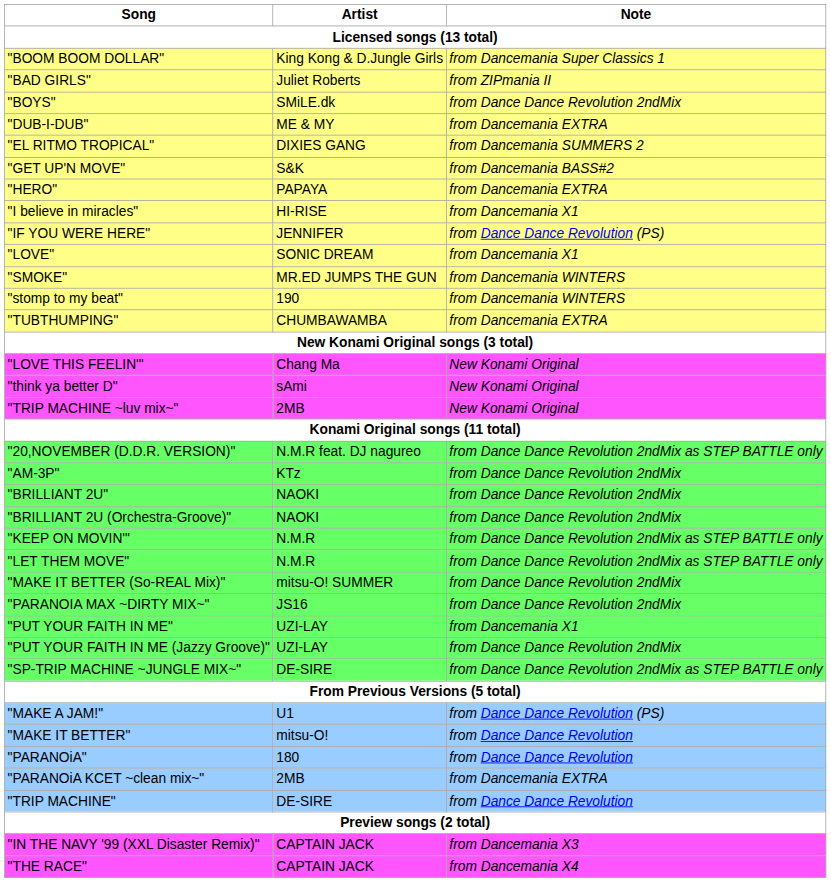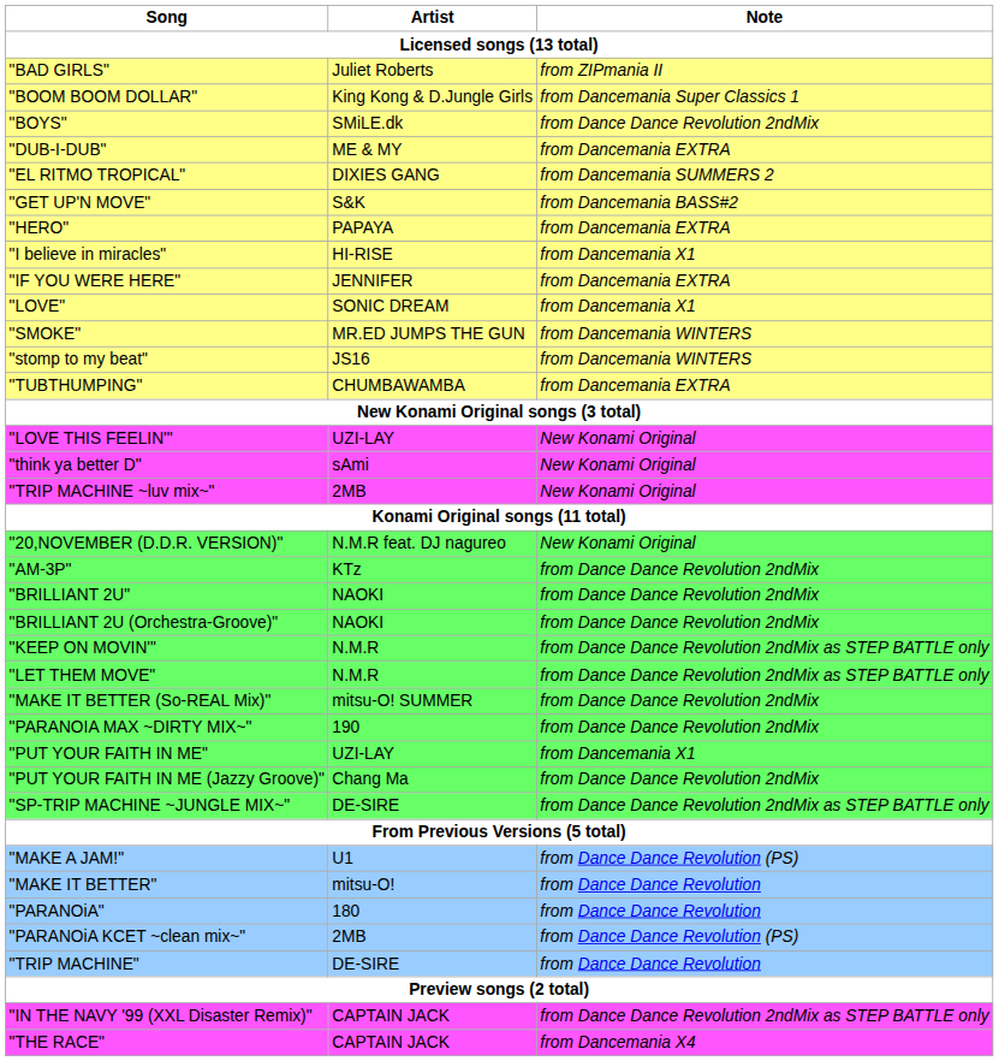 <table class="wikitable">
 <tr>
 <th style="background:#fff;">Song</th>
 <th style="background:#fff;">Artist</th>
 <th style="background:#fff;">Note</th>
 </tr>
 <tr>
 <th colspan="3" style="background:#ffffff;">Licensed songs (13 total)</th>
 </tr>
 <tr style="background:#ffff88;">
+<td>"BAD GIRLS"</td>
+<td>Juliet Roberts</td>
+<td><em>from ZIPmania II</em></td>
+</tr>
+<tr style="background:#ffff88;">
 <td>"BOOM BOOM DOLLAR"</td>
 <td>King Kong & D.Jungle Girls</td>
 <td><em>from Dancemania Super Classics 1</em></td>
-</tr>
-<tr style="background:#ffff88;">
-<td>"BAD GIRLS"</td>
-<td>Juliet Roberts</td>
-<td><em>from ZIPmania II</em></td>
 </tr>
 <tr style="background:#ffff88;">
 <td>"BOYS"</td>
 <td>SMiLE.dk</td>
 <td><em>from Dance Dance Revolution 2ndMix</em></td>
 </tr>
 <tr style="background:#ffff88;">
 <td>"DUB-I-DUB"</td>
 <td>ME & MY</td>
 <td><em>from Dancemania EXTRA</em></td>
 </tr>
 <tr style="background:#ffff88;">
 <td>"EL RITMO TROPICAL"</td>
 <td>DIXIES GANG</td>
 <td><em>from Dancemania SUMMERS 2</em></td>
 </tr>
 <tr style="background:#ffff88;">
 <td>"GET UP'N MOVE"</td>
 <td>S&K</td>
 <td><em>from Dancemania BASS#2</em></td>
 </tr>
 <tr style="background:#ffff88;">
 <td>"HERO"</td>
 <td>PAPAYA</td>
 <td><em>from Dancemania EXTRA</em></td>
 </tr>
 <tr style="background:#ffff88;">
 <td>"I believe in miracles"</td>
 <td>HI-RISE</td>
 <td><em>from Dancemania X1</em></td>
 </tr>
 <tr style="background:#ffff88;">
 <td>"IF YOU WERE HERE"</td>
 <td>JENNIFER</td>
-<td><em>from <a href='#'>Dance Dance Revolution</a> (PS)</em></td>
+<td><em>from Dancemania EXTRA</em></td>
 </tr>
 <tr style="background:#ffff88;">
 <td>"LOVE"</td>
 <td>SONIC DREAM</td>
 <td><em>from Dancemania X1</em></td>
 </tr>
 <tr style="background:#ffff88;">
 <td>"SMOKE"</td>
 <td>MR.ED JUMPS THE GUN</td>
 <td><em>from Dancemania WINTERS</em></td>
 </tr>
 <tr style="background:#ffff88;">
 <td>"stomp to my beat"</td>
-<td>190</td>
+<td>JS16</td>
 <td><em>from Dancemania WINTERS</em></td>
 </tr>
 <tr style="background:#ffff88;">
 <td>"TUBTHUMPING"</td>
 <td>CHUMBAWAMBA</td>
 <td><em>from Dancemania EXTRA</em></td>
 </tr>
 <tr>
 <th colspan="3" style="background:#ffffff;">New Konami Original songs (3 total)</th>
 </tr>
 <tr style="background:#ff55ff;">
 <td>"LOVE THIS FEELIN'" </td>
-<td>Chang Ma</td>
+<td>UZI-LAY</td>
 <td><em>New Konami Original</em></td>
 </tr>
 <tr style="background:#ff55ff;">
 <td>"think ya better D" </td>
 <td>sAmi</td>
 <td><em>New Konami Original</em></td>
 </tr>
 <tr style="background:#ff55ff;">
 <td>"TRIP MACHINE ~luv mix~" </td>
 <td>2MB</td>
 <td><em>New Konami Original</em></td>
 </tr>
 <tr>
 <th colspan="3" style="background:#ffffff;">Konami Original songs (11 total)</th>
 </tr>
 <tr style="background:#66ff66;">
 <td>"20,NOVEMBER (D.D.R. VERSION)" </td>
 <td>N.M.R feat. DJ nagureo</td>
-<td><em>from Dance Dance Revolution 2ndMix as STEP BATTLE only</em></td>
+<td><em>New Konami Original</em></td>
 </tr>
 <tr style="background:#66ff66;">
 <td>"AM-3P"</td>
 <td>KTz</td>
 <td><em>from Dance Dance Revolution 2ndMix</em></td>
 </tr>
 <tr style="background:#66ff66;">
 <td>"BRILLIANT 2U"</td>
 <td>NAOKI</td>
 <td><em>from Dance Dance Revolution 2ndMix</em></td>
 </tr>
 <tr style="background:#66ff66;">
 <td>"BRILLIANT 2U (Orchestra-Groove)"</td>
 <td>NAOKI</td>
 <td><em>from Dance Dance Revolution 2ndMix</em></td>
 </tr>
 <tr style="background:#66ff66;">
 <td>"KEEP ON MOVIN'" </td>
 <td>N.M.R</td>
 <td><em>from Dance Dance Revolution 2ndMix as STEP BATTLE only</em></td>
 </tr>
 <tr style="background:#66ff66;">
 <td>"LET THEM MOVE"</td>
 <td>N.M.R</td>
 <td><em>from Dance Dance Revolution 2ndMix as STEP BATTLE only</em></td>
 </tr>
 <tr style="background:#66ff66;">
 <td>"MAKE IT BETTER (So-REAL Mix)"</td>
 <td>mitsu-O! SUMMER</td>
 <td><em>from Dance Dance Revolution 2ndMix</em></td>
 </tr>
 <tr style="background:#66ff66;">
 <td>"PARANOIA MAX ~DIRTY MIX~"</td>
-<td>JS16</td>
+<td>190</td>
 <td><em>from Dance Dance Revolution 2ndMix</em></td>
 </tr>
 <tr style="background:#66ff66;">
 <td>"PUT YOUR FAITH IN ME"</td>
 <td>UZI-LAY</td>
 <td><em>from Dancemania X1</em></td>
 </tr>
 <tr style="background:#66ff66;">
 <td>"PUT YOUR FAITH IN ME (Jazzy Groove)"</td>
-<td>UZI-LAY</td>
+<td>Chang Ma</td>
 <td><em>from Dance Dance Revolution 2ndMix</em></td>
 </tr>
 <tr style="background:#66ff66;">
 <td>"SP-TRIP MACHINE ~JUNGLE MIX~"</td>
 <td>DE-SIRE</td>
 <td><em>from Dance Dance Revolution 2ndMix as STEP BATTLE only</em></td>
 </tr>
 <tr>
 <th colspan="3" style="background:#ffffff;">From Previous Versions (5 total)</th>
 </tr>
 <tr style="background:#99CCFF;">
 <td>"MAKE A JAM!"</td>
 <td>U1</td>
 <td><em>from <a href='#'>Dance Dance Revolution</a> (PS)</em></td>
 </tr>
 <tr style="background:#99CCFF;">
 <td>"MAKE IT BETTER"</td>
 <td>mitsu-O!</td>
 <td><em>from <a href='#'>Dance Dance Revolution</a></em></td>
 </tr>
 <tr style="background:#99CCFF;">
 <td>"PARANOiA"</td>
 <td>180</td>
 <td><em>from <a href='#'>Dance Dance Revolution</a></em></td>
 </tr>
 <tr style="background:#99CCFF;">
 <td>"PARANOiA KCET ~clean mix~"</td>
 <td>2MB</td>
-<td><em>from Dancemania EXTRA</em></td>
+<td><em>from <a href='#'>Dance Dance Revolution</a> (PS)</em></td>
 </tr>
 <tr style="background:#99CCFF;">
 <td>"TRIP MACHINE"</td>
 <td>DE-SIRE</td>
 <td><em>from <a href='#'>Dance Dance Revolution</a></em></td>
 </tr>
 <tr>
 <th colspan="3" style="background:#ffffff;">Preview songs (2 total)</th>
 </tr>
 <tr style="background:#ff55ff;">
 <td>"IN THE NAVY '99 (XXL Disaster Remix)"</td>
 <td>CAPTAIN JACK</td>
-<td><em>from Dancemania X3</em></td>
+<td><em>from Dance Dance Revolution 2ndMix as STEP BATTLE only</em></td>
 </tr>
 <tr style="background:#ff55ff;">
 <td>"THE RACE"</td>
 <td>CAPTAIN JACK</td>
 <td><em>from Dancemania X4</em></td>
 </tr>
 </table>
